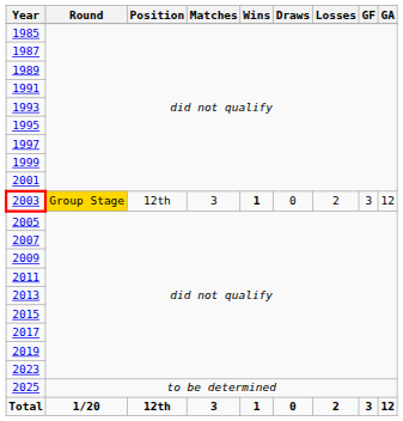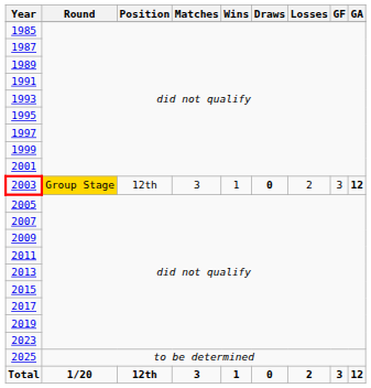 <table class=wikitable style="text-align: center;">
 <tr>
 <th>Year</th>
 <th>Round</th>
 <th>Position</th>
 <th>Matches</th>
 <th>Wins</th>
 <th>Draws</th>
 <th>Losses</th>
 <th>GF</th>
 <th>GA</th>
 </tr>
 <tr>
 </tr>
 <tr>
 <td> <a href='#'>1985</a></td>
 <td colspan=8 rowspan=9><em>did not qualify</em></td>
 </tr>
 <tr>
 <td> <a href='#'>1987</a></td>
 </tr>
 <tr>
 <td> <a href='#'>1989</a></td>
 </tr>
 <tr>
 <td> <a href='#'>1991</a></td>
 </tr>
 <tr>
 <td> <a href='#'>1993</a></td>
 </tr>
 <tr>
 <td> <a href='#'>1995</a></td>
 </tr>
 <tr>
 <td> <a href='#'>1997</a></td>
 </tr>
 <tr>
 <td> <a href='#'>1999</a></td>
 </tr>
 <tr>
 <td> <a href='#'>2001</a></td>
 </tr>
 <tr>
 <td style="border: 3px solid red"> <a href='#'>2003</a></td>
 <td style="background: gold;">Group Stage</td>
 <td>12th</td>
 <td>3</td>
-<td><strong>1</strong></td>
-<td>0</td>
+<td>1</td>
+<td><strong>0</strong></td>
 <td>2</td>
 <td>3</td>
-<td>12</td>
+<td><strong>12</strong></td>
 </tr>
 <tr>
 <td> <a href='#'>2005</a></td>
 <td colspan=8 rowspan=9><em>did not qualify</em></td>
 </tr>
 <tr>
 <td> <a href='#'>2007</a></td>
 </tr>
 <tr>
 <td> <a href='#'>2009</a></td>
 </tr>
 <tr>
 <td> <a href='#'>2011</a></td>
 </tr>
 <tr>
 <td> <a href='#'>2013</a></td>
 </tr>
 <tr>
 <td> <a href='#'>2015</a></td>
 </tr>
 <tr>
 <td> <a href='#'>2017</a></td>
 </tr>
 <tr>
 <td> <a href='#'>2019</a></td>
 </tr>
 <tr>
 <td> <a href='#'>2023</a></td>
 </tr>
 <tr>
 <td> <a href='#'>2025</a></td>
 <td colspan=8><em>to be determined</em></td>
 </tr>
 <tr>
 <td><strong>Total</strong></td>
 <td><strong>1/20</strong></td>
 <td><strong>12th</strong></td>
 <td><strong>3</strong></td>
 <td><strong>1</strong></td>
 <td><strong>0</strong></td>
 <td><strong>2</strong></td>
 <td><strong>3</strong></td>
 <td><strong>12</strong></td>
 </tr>
 </table>
